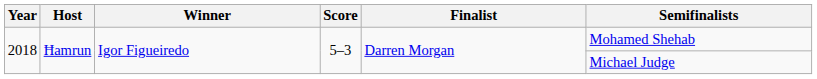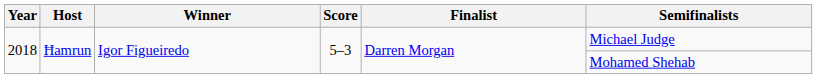 <table class="wikitable">
 <tr style="background:#EFEFEF;">
 <th>Year</th>
 <th>Host</th>
 <th style="width:15em">Winner</th>
 <th>Score</th>
 <th style="width:15em">Finalist</th>
 <th style="width:15em">Semifinalists</th>
 </tr>
 <tr>
 <td rowspan="2" style="text-align:center;">2018</td>
 <td rowspan="2"> <a href='#'>Ħamrun</a></td>
 <td rowspan="2"> <a href='#'>Igor Figueiredo</a></td>
 <td rowspan="2" style="text-align:center;">5–3</td>
 <td rowspan="2"> <a href='#'>Darren Morgan</a></td>
+<td> <a href='#'>Michael Judge</a></td>
+</tr>
+<tr>
 <td> <a href='#'>Mohamed Shehab</a></td>
 </tr>
-<tr>
-<td> <a href='#'>Michael Judge</a></td>
-</tr>
 </table>
